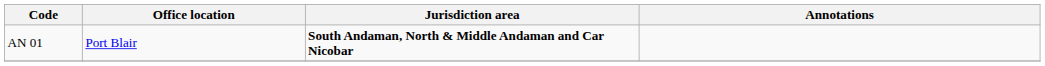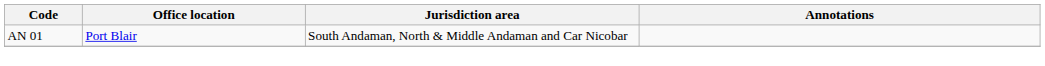 <table class="wikitable sortable" style="width:100%;" border="1" cellspacing="0" cellpadding="3">
 <tr>
 <th scope="col" style="width:7%">Code</th>
 <th scope="col" style="width:20%">Office location</th>
 <th scope="col" style="width:30%">Jurisdiction area</th>
 <th scope="col" style="width:36%" class="unsortable">Annotations</th>
 </tr>
 <tr>
 <td>AN 01</td>
 <td><a href='#'>Port Blair</a></td>
-<td><strong>South Andaman, North & Middle Andaman and Car Nicobar</strong></td>
+<td>South Andaman, North & Middle Andaman and Car Nicobar</td>
 <td></td>
 </tr>
 <tr>
 </tr>
 </table>
